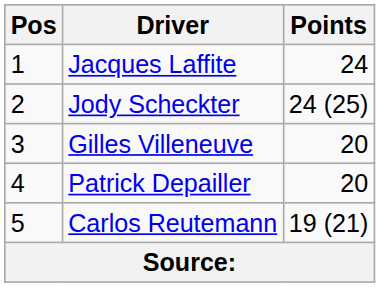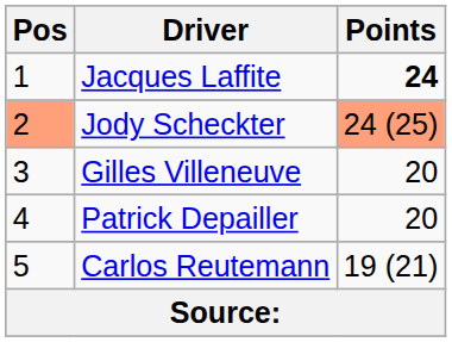 <table class="wikitable" style="font-size: 95%;">
 <tr>
 <th>Pos</th>
 <th>Driver</th>
 <th>Points</th>
 </tr>
 <tr>
 <td>1</td>
 <td> <a href='#'>Jacques Laffite</a></td>
-<td align="right">24</td>
+<td align="right"><strong>24</strong></td>
 </tr>
 <tr>
-<td>2</td>
+<td style="background: lightsalmon;">2</td>
 <td> <a href='#'>Jody Scheckter</a></td>
-<td align="right">24 (25)</td>
+<td align="right" style="background: lightsalmon;">24 (25)</td>
 </tr>
 <tr>
 <td>3</td>
 <td> <a href='#'>Gilles Villeneuve</a></td>
 <td align="right">20</td>
 </tr>
 <tr>
 <td>4</td>
 <td> <a href='#'>Patrick Depailler</a></td>
 <td align="right">20</td>
 </tr>
 <tr>
 <td>5</td>
 <td> <a href='#'>Carlos Reutemann</a></td>
 <td align="right">19 (21)</td>
 </tr>
 <tr>
 <th colspan=4>Source: </th>
 </tr>
 </table>
